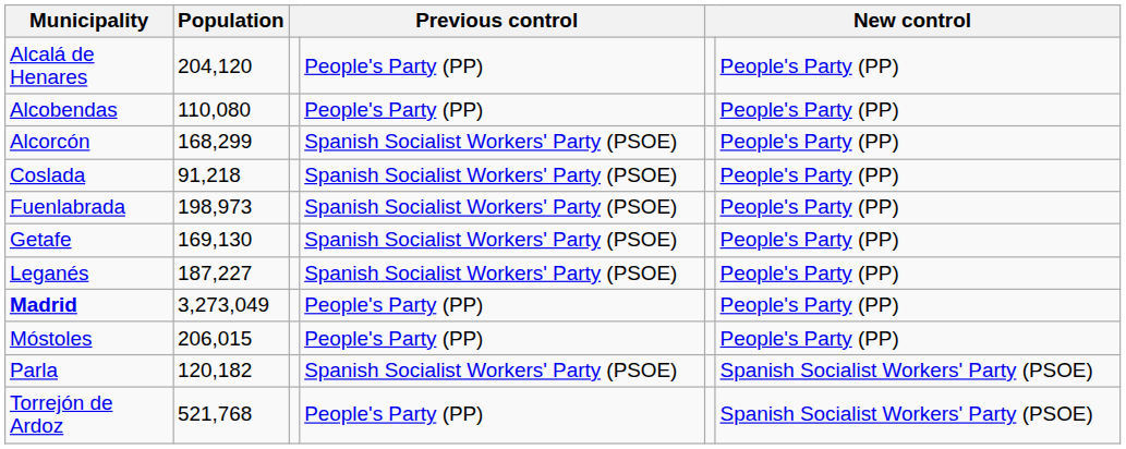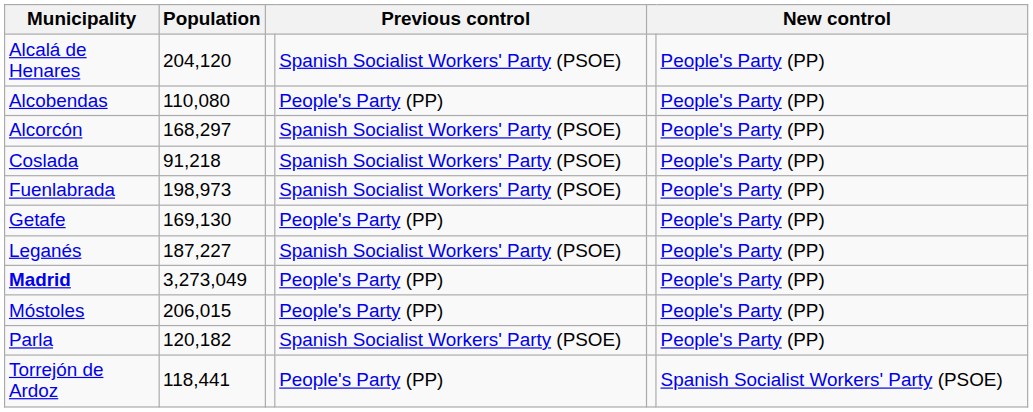 <table class="wikitable sortable">
 <tr>
 <th>Municipality</th>
 <th>Population</th>
 <th colspan="2" style="width:375px;">Previous control</th>
 <th colspan="2" style="width:375px;">New control</th>
 </tr>
 <tr>
 <td><a href='#'>Alcalá de Henares</a></td>
 <td>204,120</td>
 <td width="1" style="color:inherit;background:"></td>
-<td><a href='#'>People's Party</a> (PP)</td>
+<td><a href='#'>Spanish Socialist Workers' Party</a> (PSOE)</td>
 <td width="1" style="color:inherit;background:"></td>
 <td><a href='#'>People's Party</a> (PP)</td>
 </tr>
 <tr>
 <td><a href='#'>Alcobendas</a></td>
 <td>110,080</td>
 <td style="color:inherit;background:"></td>
 <td><a href='#'>People's Party</a> (PP)</td>
 <td style="color:inherit;background:"></td>
 <td><a href='#'>People's Party</a> (PP)</td>
 </tr>
 <tr>
 <td><a href='#'>Alcorcón</a></td>
-<td>168,299</td>
+<td>168,297</td>
 <td style="color:inherit;background:"></td>
 <td><a href='#'>Spanish Socialist Workers' Party</a> (PSOE)</td>
 <td style="color:inherit;background:"></td>
 <td><a href='#'>People's Party</a> (PP)</td>
 </tr>
 <tr>
 <td><a href='#'>Coslada</a></td>
 <td>91,218</td>
 <td style="color:inherit;background:"></td>
 <td><a href='#'>Spanish Socialist Workers' Party</a> (PSOE)</td>
 <td style="color:inherit;background:"></td>
 <td><a href='#'>People's Party</a> (PP)</td>
 </tr>
 <tr>
 <td><a href='#'>Fuenlabrada</a></td>
 <td>198,973</td>
 <td style="color:inherit;background:"></td>
 <td><a href='#'>Spanish Socialist Workers' Party</a> (PSOE)</td>
 <td style="color:inherit;background:"></td>
 <td><a href='#'>People's Party</a> (PP)</td>
 </tr>
 <tr>
 <td><a href='#'>Getafe</a></td>
 <td>169,130</td>
 <td style="color:inherit;background:"></td>
-<td><a href='#'>Spanish Socialist Workers' Party</a> (PSOE)</td>
+<td><a href='#'>People's Party</a> (PP)</td>
 <td style="color:inherit;background:"></td>
 <td><a href='#'>People's Party</a> (PP)</td>
 </tr>
 <tr>
 <td><a href='#'>Leganés</a></td>
 <td>187,227</td>
 <td style="color:inherit;background:"></td>
 <td><a href='#'>Spanish Socialist Workers' Party</a> (PSOE)</td>
 <td style="color:inherit;background:"></td>
 <td><a href='#'>People's Party</a> (PP)</td>
 </tr>
 <tr>
 <td><strong><a href='#'>Madrid</a></strong></td>
 <td>3,273,049</td>
 <td style="color:inherit;background:"></td>
 <td><a href='#'>People's Party</a> (PP)</td>
 <td style="color:inherit;background:"></td>
 <td><a href='#'>People's Party</a> (PP)</td>
 </tr>
 <tr>
 <td><a href='#'>Móstoles</a></td>
 <td>206,015</td>
 <td style="color:inherit;background:"></td>
 <td><a href='#'>People's Party</a> (PP)</td>
 <td style="color:inherit;background:"></td>
 <td><a href='#'>People's Party</a> (PP)</td>
 </tr>
 <tr>
 <td><a href='#'>Parla</a></td>
 <td>120,182</td>
 <td style="color:inherit;background:"></td>
 <td><a href='#'>Spanish Socialist Workers' Party</a> (PSOE)</td>
 <td style="color:inherit;background:"></td>
-<td><a href='#'>Spanish Socialist Workers' Party</a> (PSOE)</td>
+<td><a href='#'>People's Party</a> (PP)</td>
 </tr>
 <tr>
 <td><a href='#'>Torrejón de Ardoz</a></td>
-<td>521,768</td>
+<td>118,441</td>
 <td style="color:inherit;background:"></td>
 <td><a href='#'>People's Party</a> (PP)</td>
 <td style="color:inherit;background:"></td>
 <td><a href='#'>Spanish Socialist Workers' Party</a> (PSOE)</td>
 </tr>
 </table>
